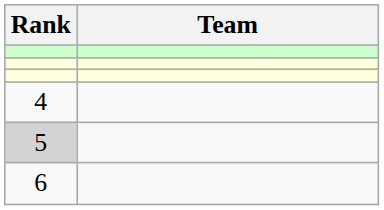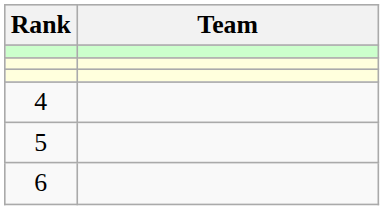 <table class=wikitable style="text-align:center;">
 <tr>
 <th>Rank</th>
 <th width=180>Team</th>
 </tr>
 <tr bgcolor=ccffcc>
 <td></td>
 <td align=left></td>
 </tr>
 <tr bgcolor=#ffffdd>
 <td></td>
 <td align=left></td>
 </tr>
 <tr bgcolor=#ffffdd>
 <td></td>
 <td align=left></td>
 </tr>
 <tr>
 <td>4</td>
 <td align=left></td>
 </tr>
 <tr>
-<td style="background: lightgrey;">5</td>
+<td>5</td>
 <td align=left></td>
 </tr>
 <tr>
 <td>6</td>
 <td align=left></td>
 </tr>
 </table>
